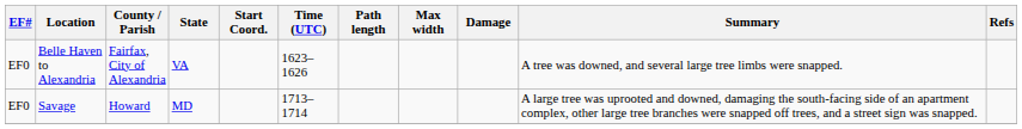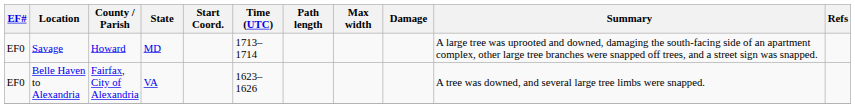 <table class="wikitable sortable" style="width:100%;">
 <tr>
 <th scope="col" width="3%" align="center"><a href='#'>EF#</a></th>
 <th scope="col" width="7%" align="center" class="unsortable">Location</th>
 <th scope="col" width="6%" align="center" class="unsortable">County / Parish</th>
 <th scope="col" width="5%" align="center">State</th>
 <th scope="col" width="6%" align="center">Start Coord.</th>
 <th scope="col" width="6%" align="center">Time (<a href='#'>UTC</a>)</th>
 <th scope="col" width="6%" align="center">Path length</th>
 <th scope="col" width="6%" align="center">Max width</th>
 <th scope="col" width="6%" align="center">Damage</th>
 <th scope="col" width="48%" class="unsortable" align="center">Summary</th>
 <th scope="col" width="48%" class="unsortable" align="center">Refs</th>
 </tr>
 <tr>
 <td>EF0</td>
+<td><a href='#'>Savage</a></td>
+<td><a href='#'>Howard</a></td>
+<td><a href='#'>MD</a></td>
+<td></td>
+<td>1713–1714</td>
+<td></td>
+<td></td>
+<td></td>
+<td>A large tree was uprooted and downed, damaging the south-facing side of an apartment complex, other large tree branches were snapped off trees, and a street sign was snapped.</td>
+<td></td>
+</tr>
+<tr>
+<td>EF0</td>
 <td><a href='#'>Belle Haven</a> to <a href='#'>Alexandria</a></td>
 <td><a href='#'>Fairfax</a>, <a href='#'>City of Alexandria</a></td>
 <td><a href='#'>VA</a></td>
 <td></td>
 <td>1623–1626</td>
 <td></td>
 <td></td>
 <td></td>
 <td>A tree was downed, and several large tree limbs were snapped.</td>
 <td></td>
 </tr>
 <tr>
-<td>EF0</td>
-<td><a href='#'>Savage</a></td>
-<td><a href='#'>Howard</a></td>
-<td><a href='#'>MD</a></td>
-<td></td>
-<td>1713–1714</td>
-<td></td>
-<td></td>
-<td></td>
-<td>A large tree was uprooted and downed, damaging the south-facing side of an apartment complex, other large tree branches were snapped off trees, and a street sign was snapped.</td>
-<td></td>
-</tr>
-<tr>
 </tr>
 </table>
